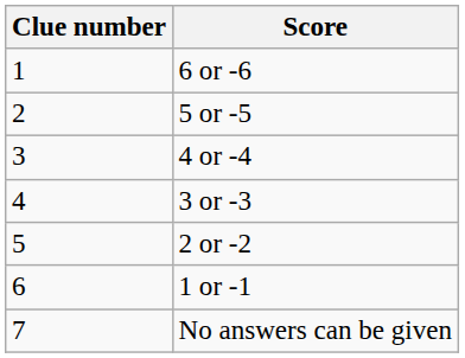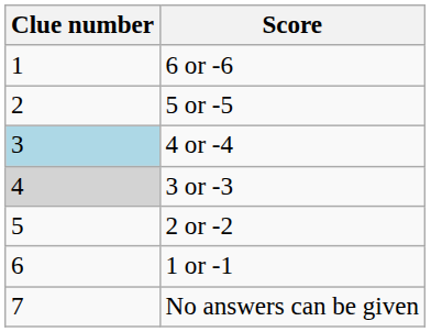 <table class="wikitable">
 <tr>
 <th>Clue number</th>
 <th>Score</th>
 </tr>
 <tr>
 <td>1</td>
 <td>6 or -6</td>
 </tr>
 <tr>
 <td>2</td>
 <td>5 or -5</td>
 </tr>
 <tr>
-<td>3</td>
+<td style="background: lightblue;">3</td>
 <td>4 or -4</td>
 </tr>
 <tr>
-<td>4</td>
+<td style="background: lightgrey;">4</td>
 <td>3 or -3</td>
 </tr>
 <tr>
 <td>5</td>
 <td>2 or -2</td>
 </tr>
 <tr>
 <td>6</td>
 <td>1 or -1</td>
 </tr>
 <tr>
 <td>7</td>
 <td>No answers can be given</td>
 </tr>
 </table>
